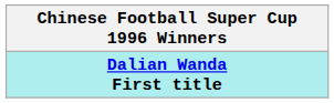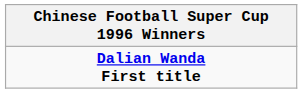 <table class="wikitable" style="text-align: center; margin: 0 auto; width: 20%">
 <tr>
 <th>Chinese Football Super Cup <br>1996 Winners</th>
 </tr>
 <tr>
-<td style="background: paleturquoise;"><strong><a href='#'>Dalian Wanda</a></strong><br><strong>First title</strong></td>
+<td><strong><a href='#'>Dalian Wanda</a></strong><br><strong>First title</strong></td>
 </tr>
 </table>
